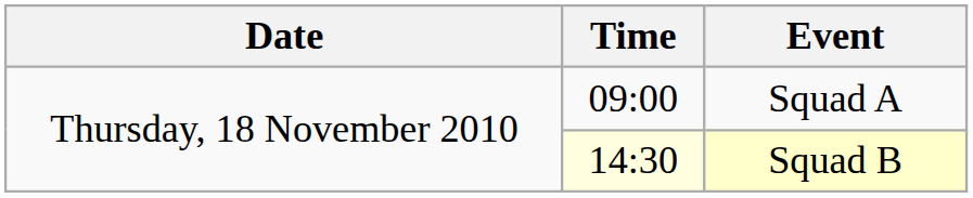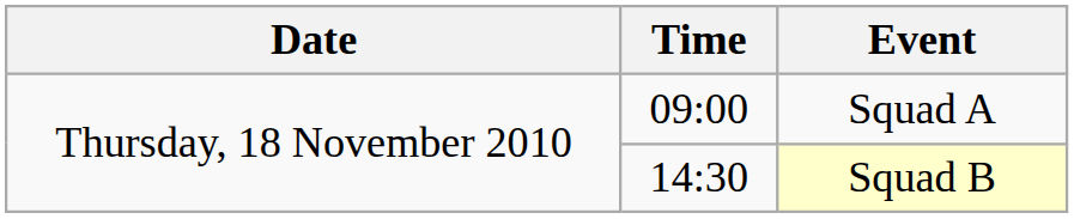 <table class = "wikitable" style="text-align:center;">
 <tr>
 <th width=220>Date</th>
 <th width=50>Time</th>
 <th width=100>Event</th>
 </tr>
 <tr>
 <td rowspan=2>Thursday, 18 November 2010</td>
 <td>09:00</td>
 <td>Squad A</td>
 </tr>
 <tr>
-<td style="background: lightyellow;">14:30</td>
+<td>14:30</td>
 <td bgcolor=ffffcc>Squad B</td>
 </tr>
 </table>
